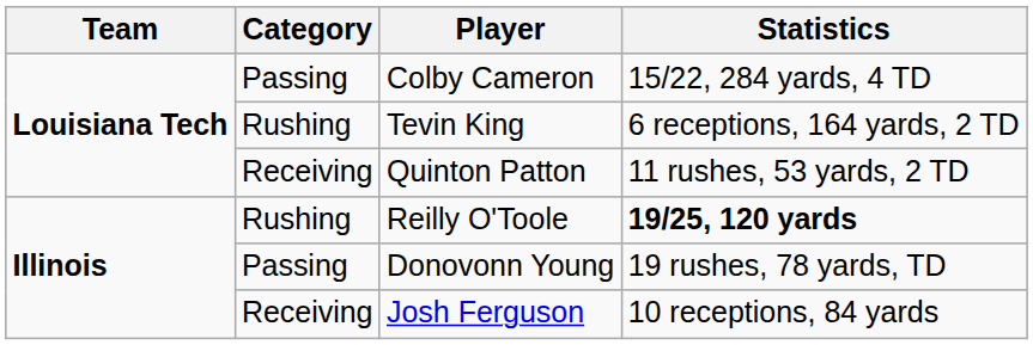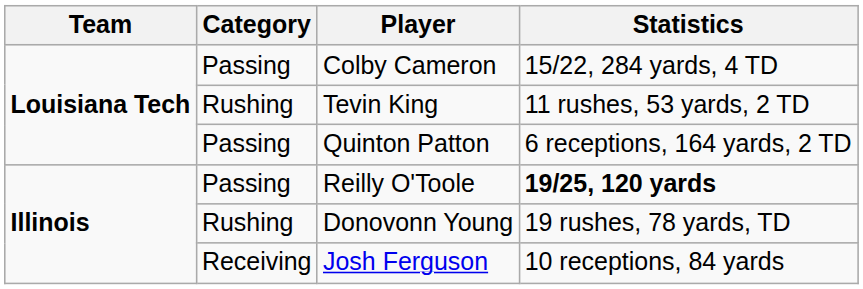 <table class="wikitable" style="float: left;">
 <tr>
 <th>Team</th>
 <th>Category</th>
 <th>Player</th>
 <th>Statistics</th>
 </tr>
 <tr>
 <td rowspan=3><strong>Louisiana Tech</strong></td>
 <td>Passing</td>
 <td>Colby Cameron</td>
 <td>15/22, 284 yards, 4 TD</td>
 </tr>
 <tr>
 <td>Rushing</td>
 <td>Tevin King</td>
+<td>11 rushes, 53 yards, 2 TD</td>
+</tr>
+<tr>
+<td>Passing</td>
+<td>Quinton Patton</td>
 <td>6 receptions, 164 yards, 2 TD</td>
 </tr>
 <tr>
-<td>Receiving</td>
-<td>Quinton Patton</td>
-<td>11 rushes, 53 yards, 2 TD</td>
-</tr>
-<tr>
 <td rowspan=3><strong>Illinois</strong></td>
-<td>Rushing</td>
+<td>Passing</td>
 <td>Reilly O'Toole</td>
 <td><strong>19/25, 120 yards</strong></td>
 </tr>
 <tr>
-<td>Passing</td>
+<td>Rushing</td>
 <td>Donovonn Young</td>
 <td>19 rushes, 78 yards, TD</td>
 </tr>
 <tr>
 <td>Receiving</td>
 <td><a href='#'>Josh Ferguson</a></td>
 <td>10 receptions, 84 yards</td>
 </tr>
 </table>
